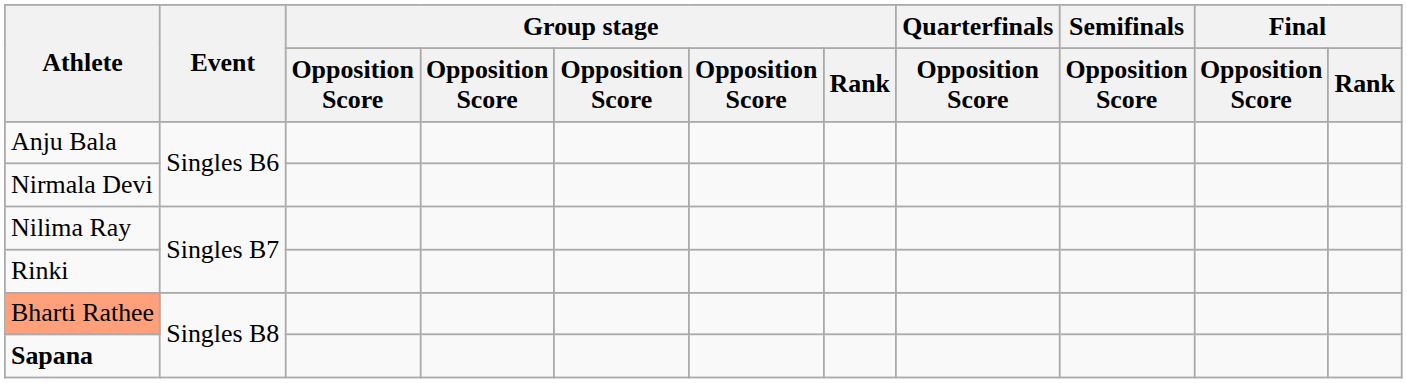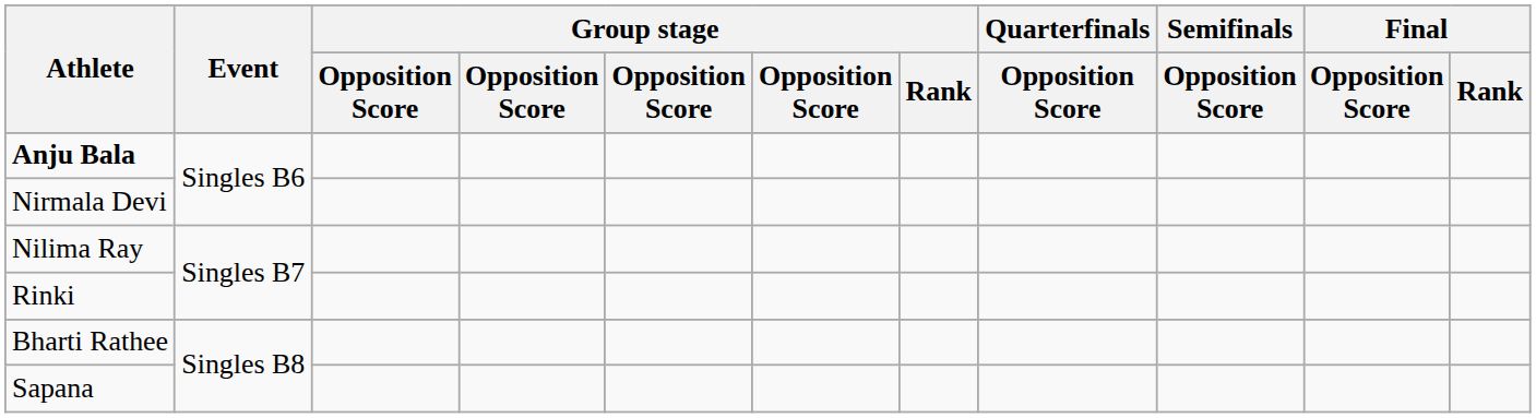 <table class="wikitable" style="text-align:center; font-size:90%">
 <tr>
 <th rowspan="2">Athlete</th>
 <th rowspan="2">Event</th>
 <th colspan="5">Group stage</th>
 <th>Quarterfinals</th>
 <th>Semifinals</th>
 <th colspan="2">Final</th>
 </tr>
 <tr>
 <th>Opposition<br>Score</th>
 <th>Opposition<br>Score</th>
 <th>Opposition<br>Score</th>
 <th>Opposition<br>Score</th>
 <th>Rank</th>
 <th>Opposition<br>Score</th>
 <th>Opposition<br>Score</th>
 <th>Opposition<br>Score</th>
 <th>Rank</th>
 </tr>
 <tr>
-<td align="left">Anju Bala</td>
+<td align="left"><strong>Anju Bala</strong></td>
 <td rowspan="2">Singles B6</td>
 <td></td>
 <td></td>
 <td></td>
 <td></td>
 <td></td>
 <td></td>
 <td></td>
 <td></td>
 <td></td>
 </tr>
 <tr>
 <td align="left">Nirmala Devi</td>
 <td></td>
 <td></td>
 <td></td>
 <td></td>
 <td></td>
 <td></td>
 <td></td>
 <td></td>
 <td></td>
 </tr>
 <tr>
 <td align="left">Nilima Ray</td>
 <td rowspan="2">Singles B7</td>
 <td></td>
 <td></td>
 <td></td>
 <td></td>
 <td></td>
 <td></td>
 <td></td>
 <td></td>
 <td></td>
 </tr>
 <tr>
 <td align="left">Rinki</td>
 <td></td>
 <td></td>
 <td></td>
 <td></td>
 <td></td>
 <td></td>
 <td></td>
 <td></td>
 <td></td>
 </tr>
 <tr>
-<td align="left" style="background: lightsalmon;">Bharti Rathee</td>
+<td align="left">Bharti Rathee</td>
 <td rowspan="2">Singles B8</td>
 <td></td>
 <td></td>
 <td></td>
 <td></td>
 <td></td>
 <td></td>
 <td></td>
 <td></td>
 <td></td>
 </tr>
 <tr>
-<td align="left"><strong>Sapana</strong></td>
+<td align="left">Sapana</td>
 <td></td>
 <td></td>
 <td></td>
 <td></td>
 <td></td>
 <td></td>
 <td></td>
 <td></td>
 <td></td>
 </tr>
 </table>
